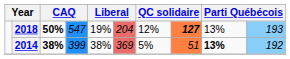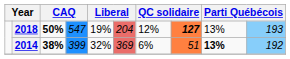 <table class="wikitable" style="float:right; width:400; font-size:90%; margin-left:1em;">
 <tr>
 <th colspan="2" scope="col">Year</th>
 <th colspan="2" scope="col"><a href='#'>CAQ</a></th>
 <th colspan="2" scope="col"><a href='#'>Liberal</a></th>
 <th colspan="2" scope="col"><a href='#'>QC solidaire</a></th>
 <th colspan="2" scope="col"><a href='#'>Parti Québécois</a></th>
 </tr>
 <tr>
 <td rowspan="2" style="width: 0.25em; background-color: "></td>
 <th><a href='#'>2018</a></th>
 <td><strong>50%</strong></td>
 <td style="text-align:right; background:#1E90FF;"><em>547</em></td>
 <td>19%</td>
 <td style="text-align:right; background:#EA6D6A;"><em>204</em></td>
 <td>12%</td>
 <td style="text-align:right; background:#FF8040;"><strong><em>127</em></strong></td>
 <td>13%</td>
 <td style="text-align:right; background:#87CEFA;"><em>193</em></td>
 </tr>
 <tr>
 <th><a href='#'>2014</a></th>
 <td><strong>38%</strong></td>
 <td style="text-align:right; background:#1E90FF;"><em>399</em></td>
-<td>38%</td>
+<td>32%</td>
 <td style="text-align:right; background:#EA6D6A;"><em>369</em></td>
-<td>5%</td>
+<td>6%</td>
 <td style="text-align:right; background:#FF8040;"><em>51</em></td>
 <td><strong>13%</strong></td>
 <td style="text-align:right; background:#87CEFA;"><em>192</em></td>
 </tr>
 <tr>
 </tr>
 </table>
